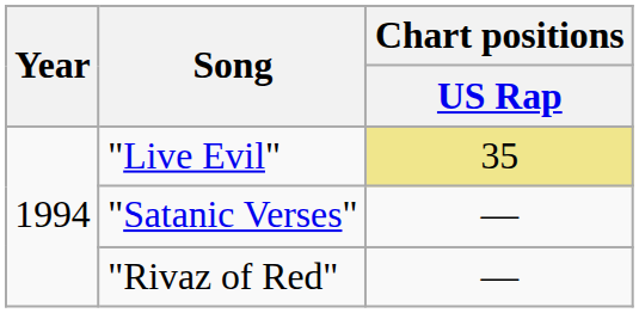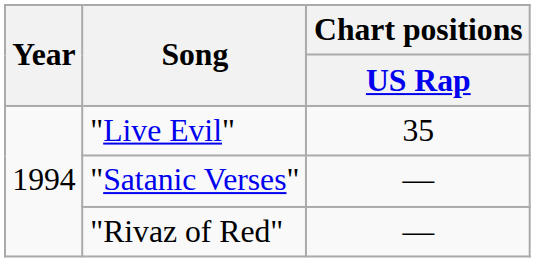 <table class="wikitable">
 <tr>
 <th rowspan="2">Year</th>
 <th rowspan="2">Song</th>
 <th>Chart positions</th>
 </tr>
 <tr>
 <th><a href='#'>US Rap</a></th>
 </tr>
 <tr>
 <td rowspan="3">1994</td>
 <td>"<a href='#'>Live Evil</a>"</td>
-<td align=center style="background: khaki;">35</td>
+<td align=center>35</td>
 </tr>
 <tr>
 <td>"<a href='#'>Satanic Verses</a>"</td>
 <td align=center>—</td>
 </tr>
 <tr>
 <td>"Rivaz of Red"</td>
 <td align=center>—</td>
 </tr>
 </table>
